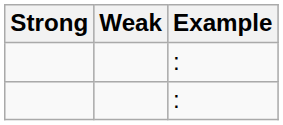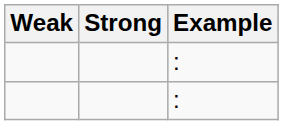 <table class="wikitable">
 <tr>
+<th>Weak</th>
 <th>Strong</th>
-<th>Weak</th>
 <th>Example</th>
 </tr>
 <tr>
 <td></td>
 <td></td>
 <td> : </td>
 </tr>
 <tr>
 <td></td>
 <td></td>
 <td> : </td>
 </tr>
 </table>
